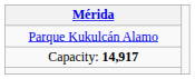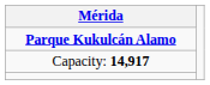 <table class="wikitable" style="text-align:center" width=225>
 <tr>
 <th> <strong><a href='#'>Mérida</a></strong></th>
 <td rowspan=4></td>
 </tr>
 <tr>
-<td><a href='#'>Parque Kukulcán Alamo</a></td>
+<td><strong><a href='#'>Parque Kukulcán Alamo</a></strong></td>
 </tr>
 <tr>
 <td>Capacity: <strong>14,917</strong></td>
 </tr>
 <tr>
 <td></td>
 </tr>
 </table>
